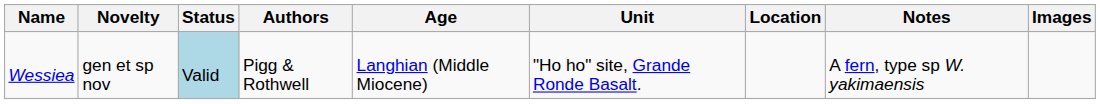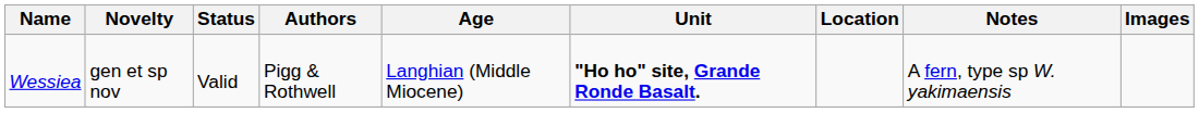 <table class="wikitable sortable" align="center" width="80%">
 <tr>
 <th>Name</th>
 <th>Novelty</th>
 <th>Status</th>
 <th>Authors</th>
 <th>Age</th>
 <th>Unit</th>
 <th>Location</th>
 <th>Notes</th>
 <th>Images</th>
 </tr>
 <tr>
 <td><br><em><a href='#'>Wessiea</a></em></td>
 <td><br>gen et sp nov</td>
-<td style="background: lightblue;"><br>Valid</td>
+<td><br>Valid</td>
 <td><br>Pigg & Rothwell</td>
 <td><br><a href='#'>Langhian</a> (Middle Miocene)</td>
-<td><br>"Ho ho" site, <a href='#'>Grande Ronde Basalt</a>.</td>
+<td><strong><br>"Ho ho" site, <a href='#'>Grande Ronde Basalt</a>.</strong></td>
 <td><br></td>
 <td><br>A <a href='#'>fern</a>, type sp <em>W. yakimaensis</em></td>
 <td><br></td>
 </tr>
 <tr>
 </tr>
 </table>
